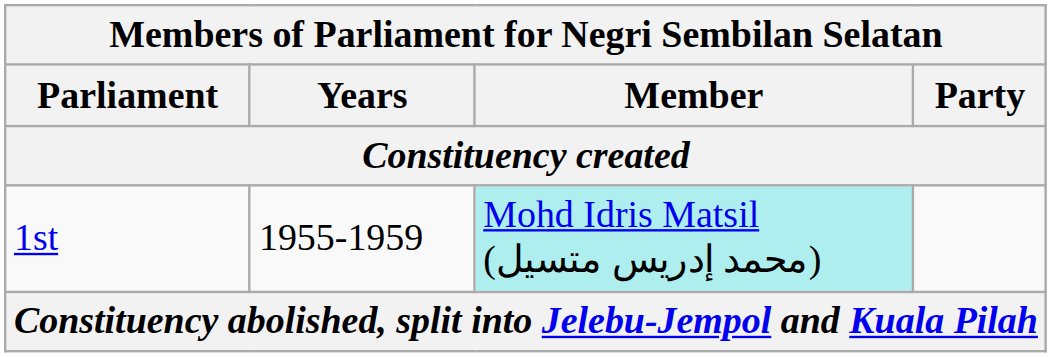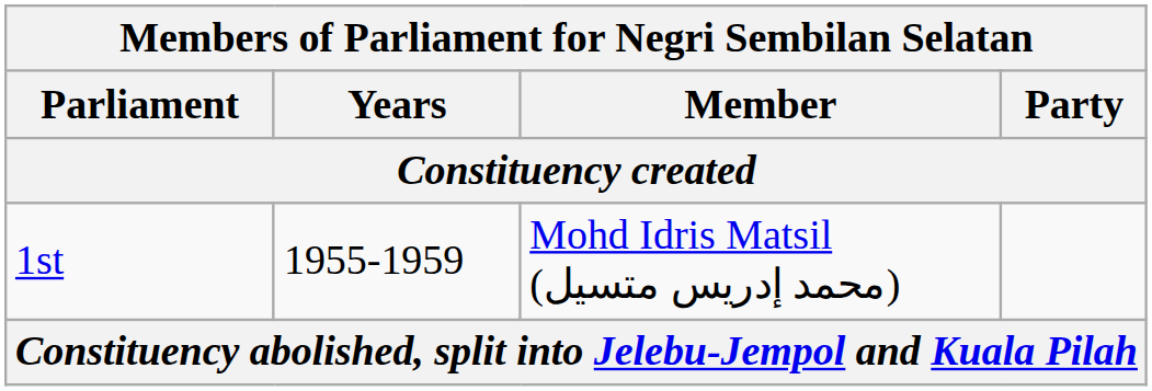 <table class="wikitable">
 <tr>
 <th colspan="4">Members of Parliament for Negri Sembilan Selatan</th>
 </tr>
 <tr>
 <th>Parliament</th>
 <th>Years</th>
 <th>Member</th>
 <th>Party</th>
 </tr>
 <tr>
 <th colspan="4"><em>Constituency created</em></th>
 </tr>
 <tr>
 <td><a href='#'>1st</a></td>
 <td>1955-1959</td>
-<td style="background: paleturquoise;"><a href='#'>Mohd Idris Matsil</a> <br> (محمد إدريس متسيل)</td>
+<td><a href='#'>Mohd Idris Matsil</a> <br> (محمد إدريس متسيل)</td>
 <td></td>
 </tr>
 <tr>
 <th colspan="4"><em>Constituency abolished, split into <a href='#'>Jelebu-Jempol</a> and <a href='#'>Kuala Pilah</a></em></th>
 </tr>
 </table>
